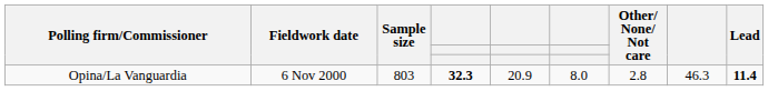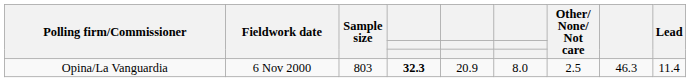 <table class="wikitable collapsible collapsed" style="text-align:center; font-size:90%; line-height:14px;">
 <tr style="height:42px;">
 <th style="width:250px;" rowspan="3">Polling firm/Commissioner</th>
 <th style="width:125px;" rowspan="3">Fieldwork date</th>
 <th style="width:50px;" rowspan="3">Sample size</th>
 <th style="width:55px;"></th>
 <th style="width:55px;"></th>
 <th style="width:55px;"></th>
 <th style="width:55px;" rowspan="3">Other/<br>None/<br>Not<br>care</th>
 <th style="width:55px;" rowspan="3"></th>
 <th style="width:30px;" rowspan="3">Lead</th>
 </tr>
 <tr>
 <th style="color:inherit;background:"></th>
 <th style="color:inherit;background:"></th>
 <th style="color:inherit;background:"></th>
 </tr>
 <tr>
 <th></th>
 <th></th>
 <th></th>
 </tr>
 <tr>
 <td>Opina/La Vanguardia</td>
 <td>6 Nov 2000</td>
 <td>803</td>
 <td><strong>32.3</strong></td>
 <td>20.9</td>
 <td>8.0</td>
-<td>2.8</td>
+<td>2.5</td>
 <td>46.3</td>
-<td style="background:"><strong>11.4</strong></td>
+<td style="background:">11.4</td>
 </tr>
 </table>
